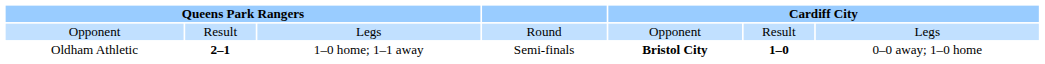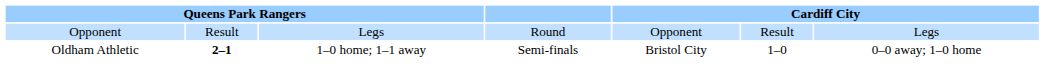 <table style="width:100%; background:white;">
 <tr style="vertical-align:top; background:#9cf;">
 <th colspan=3 style="width:1*"><strong>Queens Park Rangers</strong></th>
 <th></th>
 <th colspan=3 style="width:1*"><strong>Cardiff City</strong></th>
 </tr>
 <tr style="text-align:center; vertical-align:top; background:#c1e0ff;">
 <td>Opponent</td>
 <td>Result</td>
 <td>Legs</td>
 <td>Round</td>
 <td>Opponent</td>
 <td>Result</td>
 <td>Legs</td>
 </tr>
 <tr style="text-align:center;">
 <td>Oldham Athletic</td>
 <td><strong>2–1</strong></td>
 <td>1–0 home; 1–1 away</td>
 <td>Semi-finals</td>
-<td><strong>Bristol City</strong></td>
-<td><strong>1–0</strong></td>
+<td>Bristol City</td>
+<td>1–0</td>
 <td>0–0 away; 1–0 home</td>
 </tr>
 </table>
